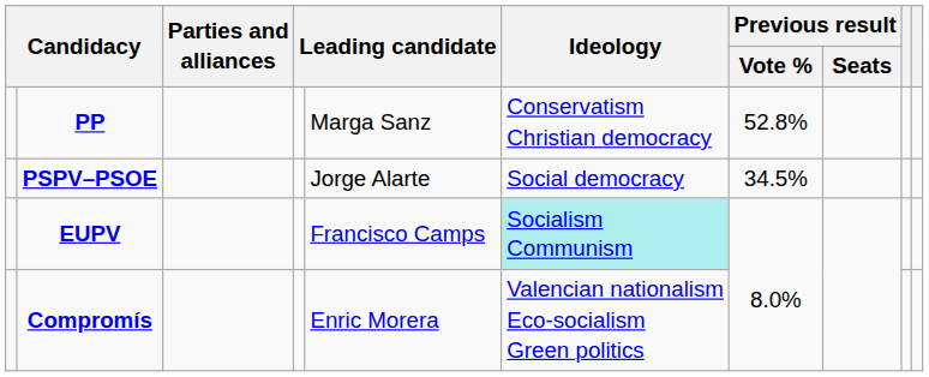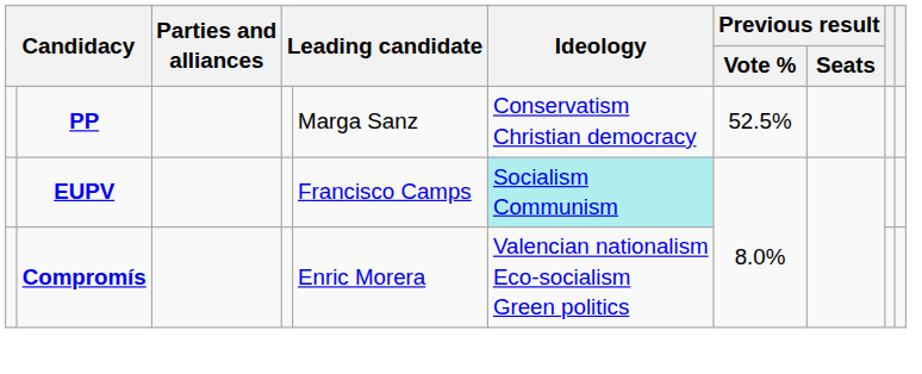 <table class="wikitable" style="line-height:1.35em; text-align:left;">
 <tr>
 <th colspan="2" rowspan="2">Candidacy</th>
 <th rowspan="2">Parties and<br>alliances</th>
 <th colspan="2" rowspan="2">Leading candidate</th>
 <th rowspan="2">Ideology</th>
 <th colspan="2">Previous result</th>
 <th rowspan="2"></th>
 <th rowspan="2"></th>
 </tr>
 <tr>
 <th>Vote %</th>
 <th>Seats</th>
 </tr>
 <tr>
 <td width="1" style="color:inherit;background:"></td>
 <td align="center"><strong><a href='#'>PP</a></strong></td>
 <td></td>
 <td></td>
 <td>Marga Sanz</td>
 <td><a href='#'>Conservatism</a><br><a href='#'>Christian democracy</a></td>
-<td align="center">52.8%</td>
-<td></td>
-<td></td>
-<td><br></td>
-</tr>
-<tr>
-<td style="color:inherit;background:"></td>
-<td align="center"><strong><a href='#'>PSPV–PSOE</a></strong></td>
-<td></td>
-<td></td>
-<td>Jorge Alarte</td>
-<td><a href='#'>Social democracy</a></td>
-<td align="center">34.5%</td>
+<td align="center">52.5%</td>
 <td></td>
 <td></td>
 <td><br></td>
 </tr>
 <tr>
 <td style="color:inherit;background:"></td>
 <td align="center"><strong><a href='#'>EUPV</a></strong></td>
 <td></td>
 <td></td>
 <td><a href='#'>Francisco Camps</a></td>
 <td style="background: paleturquoise;"><a href='#'>Socialism</a><br><a href='#'>Communism</a></td>
 <td rowspan="2" align="center"><br>8.0%<br></td>
 <td rowspan="2"></td>
 <td></td>
 <td></td>
 </tr>
 <tr>
 <td style="color:inherit;background:"></td>
 <td align="center"><strong><a href='#'>Compromís</a></strong></td>
 <td></td>
 <td></td>
 <td><a href='#'>Enric Morera</a></td>
 <td><a href='#'>Valencian nationalism</a><br><a href='#'>Eco-socialism</a><br><a href='#'>Green politics</a></td>
 <td></td>
 <td></td>
 </tr>
 </table>
